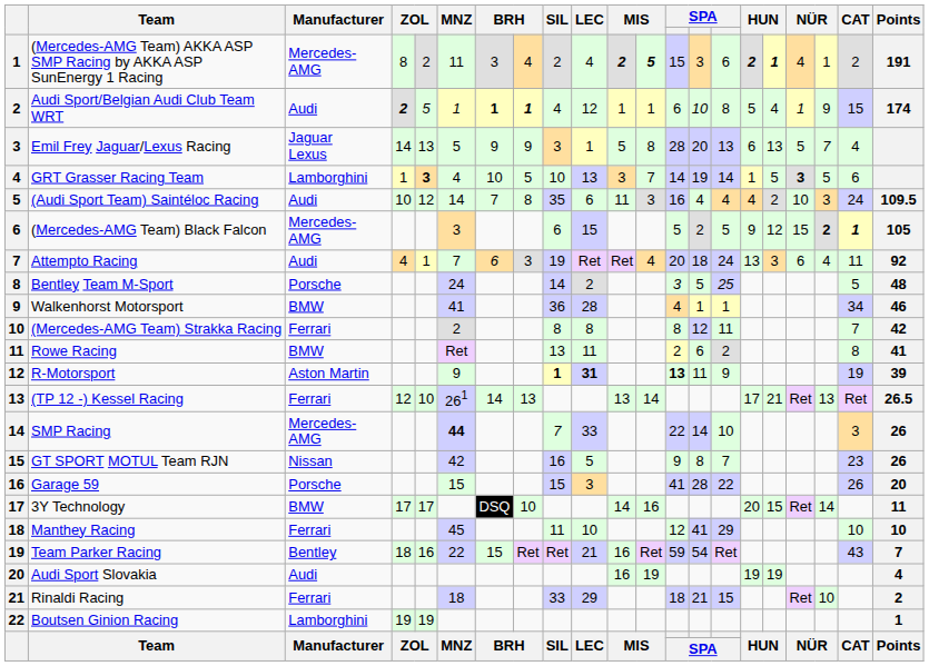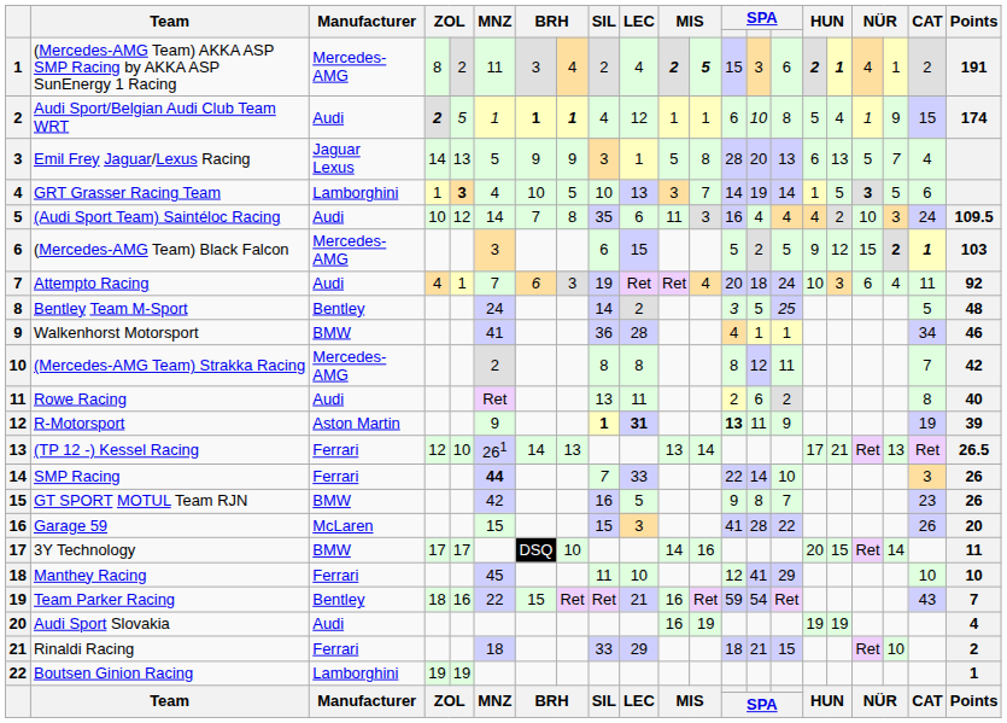 <table class="wikitable" style="font-size: 85%; text-align:center;">
 <tr>
 <th rowspan=2></th>
 <th rowspan=2>Team</th>
 <th rowspan=2>Manufacturer</th>
 <th rowspan=2 colspan=2>ZOL<br></th>
 <th rowspan=2>MNZ<br></th>
 <th rowspan=2 colspan=2>BRH<br></th>
 <th rowspan=2>SIL<br></th>
 <th rowspan=2>LEC<br></th>
 <th rowspan=2 colspan=2>MIS<br></th>
 <th colspan=3><a href='#'>SPA</a><br></th>
 <th rowspan=2 colspan=2>HUN<br></th>
 <th rowspan=2 colspan=2>NÜR<br></th>
 <th rowspan=2>CAT<br></th>
 <th rowspan=2>Points</th>
 </tr>
 <tr>
 <th></th>
 <th></th>
 <th></th>
 </tr>
 <tr>
 <th>1</th>
 <td align=left> (<a href='#'>Mercedes-AMG</a> Team) AKKA ASP<br> <a href='#'>SMP Racing</a> by AKKA ASP<br> SunEnergy 1 Racing</td>
 <td align=left><a href='#'>Mercedes-AMG</a></td>
 <td style="background:#DFFFDF;">8</td>
 <td style="background:#DFDFDF;">2</td>
 <td style="background:#DFFFDF;">11</td>
 <td style="background:#DFDFDF;">3</td>
 <td style="background:#FFDF9F;">4</td>
 <td style="background:#DFDFDF;">2</td>
 <td style="background:#DFFFDF;">4</td>
 <td style="background:#DFDFDF;"><strong><em>2</em></strong></td>
 <td style="background:#DFFFDF;"><strong><em>5</em></strong></td>
 <td style="background:#CFCFFF;">15</td>
 <td style="background:#FFDF9F;">3</td>
 <td style="background:#DFFFDF;">6</td>
 <td style="background:#DFDFDF;"><strong><em>2</em></strong></td>
 <td style="background:#FFFFBF;"><strong><em>1</em></strong></td>
 <td style="background:#FFDF9F;">4</td>
 <td style="background:#FFFFBF;">1</td>
 <td style="background:#DFDFDF;">2</td>
 <th>191</th>
 </tr>
 <tr>
 <th>2</th>
 <td align=left> <a href='#'>Audi Sport/Belgian Audi Club Team WRT</a></td>
 <td align=left><a href='#'>Audi</a></td>
 <td style="background:#DFDFDF;"><strong><em>2</em></strong></td>
 <td style="background:#DFFFDF;"><em>5</em></td>
 <td style="background:#FFFFBF;"><em>1</em></td>
 <td style="background:#FFFFBF;"><strong>1</strong></td>
 <td style="background:#FFFFBF;"><strong><em>1</em></strong></td>
 <td style="background:#DFFFDF;">4</td>
 <td style="background:#DFFFDF;">12</td>
 <td style="background:#FFFFBF;">1</td>
 <td style="background:#FFFFBF;">1</td>
 <td style="background:#DFFFDF;">6</td>
 <td style="background:#DFFFDF;"><em>10</em></td>
 <td style="background:#DFFFDF;">8</td>
 <td style="background:#DFFFDF;">5</td>
 <td style="background:#DFFFDF;">4</td>
 <td style="background:#FFFFBF;"><em>1</em></td>
 <td style="background:#DFFFDF;">9</td>
 <td style="background:#cfcfff;">15</td>
 <th>174</th>
 </tr>
 <tr>
 <th>3</th>
 <td align=left> <a href='#'>Emil Frey</a> <a href='#'>Jaguar</a>/<a href='#'>Lexus</a> Racing</td>
 <td align=left><a href='#'>Jaguar</a><br><a href='#'>Lexus</a></td>
 <td style="background:#DFFFDF;">14</td>
 <td style="background:#DFFFDF;">13</td>
 <td style="background:#DFFFDF;">5</td>
 <td style="background:#DFFFDF;">9</td>
 <td style="background:#DFFFDF;">9</td>
 <td style="background:#FFDF9F;">3</td>
 <td style="background:#FFFFBF;">1</td>
 <td style="background:#DFFFDF;">5</td>
 <td style="background:#DFFFDF;">8</td>
 <td style="background:#CFCFFF;">28</td>
 <td style="background:#CFCFFF;">20</td>
 <td style="background:#CFCFFF;">13</td>
 <td style="background:#DFFFDF;">6</td>
 <td style="background:#DFFFDF;">13</td>
 <td style="background:#DFFFDF;">5</td>
 <td style="background:#DFFFDF;"><em>7</em></td>
 <td style="background:#DFFFDF;">4</td>
 <th></th>
 </tr>
 <tr>
 <th>4</th>
 <td align=left> <a href='#'>GRT Grasser Racing Team</a></td>
 <td align=left><a href='#'>Lamborghini</a></td>
 <td style="background:#FFFFBF;">1</td>
 <td style="background:#FFDF9F;"><strong>3</strong></td>
 <td style="background:#DFFFDF;">4</td>
 <td style="background:#DFFFDF;">10</td>
 <td style="background:#DFFFDF;">5</td>
 <td style="background:#DFFFDF;">10</td>
 <td style="background:#CFCFFF;">13</td>
 <td style="background:#FFDF9F;">3</td>
 <td style="background:#DFFFDF;">7</td>
 <td style="background:#CFCFFF;">14</td>
 <td style="background:#CFCFFF;">19</td>
 <td style="background:#CFCFFF;">14</td>
 <td style="background:#FFFFBF;">1</td>
 <td style="background:#DFFFDF;">5</td>
 <td style="background:#DFDFDF;"><strong>3</strong></td>
 <td style="background:#DFFFDF;">5</td>
 <td style="background:#DFFFDF;">6</td>
 <th></th>
 </tr>
 <tr>
 <th>5</th>
 <td align=left> <a href='#'>(Audi Sport Team) Saintéloc Racing</a></td>
 <td align=left><a href='#'>Audi</a></td>
 <td style="background:#DFFFDF;">10</td>
 <td style="background:#DFFFDF;">12</td>
 <td style="background:#DFFFDF;">14</td>
 <td style="background:#DFFFDF;">7</td>
 <td style="background:#DFFFDF;">8</td>
 <td style="background:#CFCFFF;">35</td>
 <td style="background:#DFFFDF;">6</td>
 <td style="background:#DFFFDF;">11</td>
 <td style="background:#DFDFDF;">3</td>
 <td style="background:#CFCFFF;">16</td>
 <td style="background:#DFFFDF;">4</td>
 <td style="background:#FFDF9F;">4</td>
 <td style="background:#FFDF9F;">4</td>
 <td style="background:#DFDFDF;">2</td>
 <td style="background:#DFFFDF;">10</td>
 <td style="background:#FFDF9F;">3</td>
 <td style="background:#CFCFFF;">24</td>
 <th>109.5</th>
 </tr>
 <tr>
 <th>6</th>
 <td align=left> (<a href='#'>Mercedes-AMG</a> Team) Black Falcon</td>
 <td align=left><a href='#'>Mercedes-AMG</a></td>
 <td></td>
 <td></td>
 <td style="background:#FFDF9F;">3</td>
 <td></td>
 <td></td>
 <td style="background:#DFFFDF;">6</td>
 <td style="background:#CFCFFF;">15</td>
 <td></td>
 <td></td>
 <td style="background:#DFFFDF;">5</td>
 <td style="background:#DFDFDF;">2</td>
 <td style="background:#DFFFDF;">5</td>
 <td style="background:#DFFFDF;">9</td>
 <td style="background:#DFFFDF;">12</td>
 <td style="background:#DFFFDF;">15</td>
 <td style="background:#DFDFDF;"><strong>2</strong></td>
 <td style="background:#ffffbf;"><strong><em>1</em></strong></td>
-<th>105</th>
+<th>103</th>
 </tr>
 <tr>
 <th>7</th>
 <td align=left> <a href='#'>Attempto Racing</a></td>
 <td align=left><a href='#'>Audi</a></td>
 <td style="background:#FFDF9F;">4</td>
 <td style="background:#FFFFBF;">1</td>
 <td style="background:#DFFFDF;">7</td>
 <td style="background:#FFDF9F;"><em>6</em></td>
 <td style="background:#DFDFDF;">3</td>
 <td style="background:#CFCFFF;">19</td>
 <td style="background:#EFCFFF;">Ret</td>
 <td style="background:#EFCFFF;">Ret</td>
 <td style="background:#FFDF9F;">4</td>
 <td style="background:#CFCFFF;">20</td>
 <td style="background:#CFCFFF;">18</td>
 <td style="background:#CFCFFF;">24</td>
-<td style="background:#DFFFDF;">13</td>
+<td style="background:#DFFFDF;">10</td>
 <td style="background:#FFDF9F;">3</td>
 <td style="background:#DFFFDF;">6</td>
 <td style="background:#DFFFDF;">4</td>
 <td style="background:#DFFFDF;">11</td>
 <th>92</th>
 </tr>
 <tr>
 <th>8</th>
 <td align=left> <a href='#'>Bentley</a> <a href='#'>Team M-Sport</a></td>
-<td align=left><a href='#'>Porsche</a></td>
+<td align=left><a href='#'>Bentley</a></td>
 <td></td>
 <td></td>
 <td style="background:#CFCFFF;">24</td>
 <td></td>
 <td></td>
 <td style="background:#CFCFFF;">14</td>
 <td style="background:#DFDFDF;">2</td>
 <td></td>
 <td></td>
 <td style="background:#DFFFDF;"><em>3</em></td>
 <td style="background:#DFFFDF;">5</td>
 <td style="background:#CFCFFF;"><em>25</em></td>
 <td></td>
 <td></td>
 <td></td>
 <td></td>
 <td style="background:#dfffdf;">5</td>
 <th>48</th>
 </tr>
 <tr>
 <th>9</th>
 <td align=left> Walkenhorst Motorsport</td>
 <td align=left><a href='#'>BMW</a></td>
 <td></td>
 <td></td>
 <td style="background:#CFCFFF;">41</td>
 <td></td>
 <td></td>
 <td style="background:#CFCFFF;">36</td>
 <td style="background:#CFCFFF;">28</td>
 <td></td>
 <td></td>
 <td style="background:#FFDF9F;">4</td>
 <td style="background:#FFFFBF;">1</td>
 <td style="background:#FFFFBF;">1</td>
 <td></td>
 <td></td>
 <td></td>
 <td></td>
 <td style="background:#cfcfff;">34</td>
 <th>46</th>
 </tr>
 <tr>
 <th>10</th>
 <td align=left> <a href='#'>(Mercedes-AMG Team) Strakka Racing</a></td>
-<td align=left><a href='#'>Ferrari</a></td>
+<td align=left><a href='#'>Mercedes-AMG</a></td>
 <td></td>
 <td></td>
 <td style="background:#DFDFDF;">2</td>
 <td></td>
 <td></td>
 <td style="background:#DFFFDF;">8</td>
 <td style="background:#DFFFDF;">8</td>
 <td></td>
 <td></td>
 <td style="background:#DFFFDF;">8</td>
 <td style="background:#CFCFFF;">12</td>
 <td style="background:#DFFFDF;">11</td>
 <td></td>
 <td></td>
 <td></td>
 <td></td>
 <td style="background:#dfffdf;">7</td>
 <th>42</th>
 </tr>
 <tr>
 <th>11</th>
 <td align=left> <a href='#'>Rowe Racing</a></td>
-<td align=left><a href='#'>BMW</a></td>
+<td align=left><a href='#'>Audi</a></td>
 <td></td>
 <td></td>
 <td style="background:#EFCFFF;">Ret</td>
 <td></td>
 <td></td>
 <td style="background:#DFFFDF;">13</td>
 <td style="background:#DFFFDF;">11</td>
 <td></td>
 <td></td>
 <td style="background:#FFFFBF;">2</td>
 <td style="background:#DFFFDF;">6</td>
 <td style="background:#DFDFDF;">2</td>
 <td></td>
 <td></td>
 <td></td>
 <td></td>
 <td style="background:#dfffdf;">8</td>
-<th>41</th>
+<th>40</th>
 </tr>
 <tr>
 <th>12</th>
 <td align=left> <a href='#'>R-Motorsport</a></td>
 <td align=left><a href='#'>Aston Martin</a></td>
 <td></td>
 <td></td>
 <td style="background:#DFFFDF;">9</td>
 <td></td>
 <td></td>
 <td style="background:#FFFFBF;"><strong>1</strong></td>
 <td style="background:#CFCFFF;"><strong>31</strong></td>
 <td></td>
 <td></td>
 <td style="background:#DFFFDF;"><strong>13</strong></td>
 <td style="background:#DFFFDF;">11</td>
 <td style="background:#DFFFDF;">9</td>
 <td></td>
 <td></td>
 <td></td>
 <td></td>
 <td style="background:#cfcfff;">19</td>
 <th>39</th>
 </tr>
 <tr>
 <th>13</th>
 <td align=left> <a href='#'>(TP 12 -) Kessel Racing</a></td>
 <td align=left><a href='#'>Ferrari</a></td>
 <td style="background:#DFFFDF;">12</td>
 <td style="background:#DFFFDF;">10</td>
 <td style="background:#CFCFFF;">26<sup>1</sup></td>
 <td style="background:#DFFFDF;">14</td>
 <td style="background:#DFFFDF;">13</td>
 <td></td>
 <td></td>
 <td style="background:#DFFFDF;">13</td>
 <td style="background:#DFFFDF;">14</td>
 <td></td>
 <td></td>
 <td></td>
 <td style="background:#DFFFDF;">17</td>
 <td style="background:#DFFFDF;">21</td>
 <td style="background:#EFCFFF;">Ret</td>
 <td style="background:#DFFFDF;">13</td>
 <td style="background:#EFCFFF;">Ret</td>
 <th>26.5</th>
 </tr>
 <tr>
 <th>14</th>
 <td align=left> <a href='#'>SMP Racing</a></td>
-<td align=left><a href='#'>Mercedes-AMG</a></td>
+<td align=left><a href='#'>Ferrari</a></td>
 <td></td>
 <td></td>
 <td style="background:#CFCFFF;"><strong>44</strong></td>
 <td></td>
 <td></td>
 <td style="background:#DFFFDF;"><em>7</em></td>
 <td style="background:#CFCFFF;">33</td>
 <td></td>
 <td></td>
 <td style="background:#CFCFFF;">22</td>
 <td style="background:#CFCFFF;">14</td>
 <td style="background:#DFFFDF;">10</td>
 <td></td>
 <td></td>
 <td></td>
 <td></td>
 <td style="background:#ffdf9f;">3</td>
 <th>26</th>
 </tr>
 <tr>
 <th>15</th>
 <td align=left> <a href='#'>GT SPORT</a> <a href='#'>MOTUL</a> Team RJN</td>
-<td align=left><a href='#'>Nissan</a></td>
+<td align=left><a href='#'>BMW</a></td>
 <td></td>
 <td></td>
 <td style="background:#CFCFFF;">42</td>
 <td></td>
 <td></td>
 <td style="background:#CFCFFF;">16</td>
 <td style="background:#DFFFDF;">5</td>
 <td></td>
 <td></td>
 <td style="background:#DFFFDF;">9</td>
 <td style="background:#DFFFDF;">8</td>
 <td style="background:#DFFFDF;">7</td>
 <td></td>
 <td></td>
 <td></td>
 <td></td>
 <td style="background:#cfcfff;">23</td>
 <th>26</th>
 </tr>
 <tr>
 <th>16</th>
 <td align=left> <a href='#'>Garage 59</a></td>
-<td align=left><a href='#'>Porsche</a></td>
+<td align=left><a href='#'>McLaren</a></td>
 <td></td>
 <td></td>
 <td style="background:#DFFFDF;">15</td>
 <td></td>
 <td></td>
 <td style="background:#CFCFFF;">15</td>
 <td style="background:#FFDF9F;">3</td>
 <td></td>
 <td></td>
 <td style="background:#CFCFFF;">41</td>
 <td style="background:#CFCFFF;'">28</td>
 <td style="background:#CFCFFF;">22</td>
 <td></td>
 <td></td>
 <td></td>
 <td></td>
 <td style="background:#cfcfff;">26</td>
 <th>20</th>
 </tr>
 <tr>
 <th>17</th>
 <td align=left> 3Y Technology</td>
 <td align=left><a href='#'>BMW</a></td>
 <td style="background:#DFFFDF;">17</td>
 <td style="background:#DFFFDF;">17</td>
 <td></td>
 <td style="background:#000000; color:white;">DSQ</td>
 <td style="background:#DFFFDF;">10</td>
 <td></td>
 <td></td>
 <td style="background:#DFFFDF;">14</td>
 <td style="background:#DFFFDF;">16</td>
 <td></td>
 <td></td>
 <td></td>
 <td style="background:#DFFFDF;">20</td>
 <td style="background:#DFFFDF;">15</td>
 <td style="background:#EFCFFF;">Ret</td>
 <td style="background:#DFFFDF;">14</td>
 <td></td>
 <th>11</th>
 </tr>
 <tr>
 <th>18</th>
 <td align=left> <a href='#'>Manthey Racing</a></td>
 <td align=left><a href='#'>Ferrari</a></td>
 <td></td>
 <td></td>
 <td style="background:#CFCFFF;">45</td>
 <td></td>
 <td></td>
 <td style="background:#DFFFDF;">11</td>
 <td style="background:#DFFFDF;">10</td>
 <td></td>
 <td></td>
 <td style="background:#DFFFDF;">12</td>
 <td style="background:#CFCFFF;">41</td>
 <td style="background:#CFCFFF;">29</td>
 <td></td>
 <td></td>
 <td></td>
 <td></td>
 <td style="background:#DFFFDF;">10</td>
 <th>10</th>
 </tr>
 <tr>
 <th>19</th>
 <td align=left> <a href='#'>Team Parker Racing</a></td>
 <td align=left><a href='#'>Bentley</a></td>
 <td style="background:#DFFFDF;">18</td>
 <td style="background:#DFFFDF;">16</td>
 <td style="background:#CFCFFF;">22</td>
 <td style="background:#DFFFDF;">15</td>
 <td style="background:#EFCFFF;">Ret</td>
 <td style="background:#EFCFFF;">Ret</td>
 <td style="background:#CFCFFF;">21</td>
 <td style="background:#DFFFDF;">16</td>
 <td style="background:#EFCFFF;">Ret</td>
 <td style="background:#CFCFFF;">59</td>
 <td style="background:#CFCFFF;">54</td>
 <td style="background:#EFCFFF;">Ret</td>
 <td></td>
 <td></td>
 <td></td>
 <td></td>
 <td style="background:#cfcfff;">43</td>
 <th>7</th>
 </tr>
 <tr>
 <th>20</th>
 <td align=left> <a href='#'>Audi Sport</a> Slovakia</td>
 <td align=left><a href='#'>Audi</a></td>
 <td></td>
 <td></td>
 <td></td>
 <td></td>
 <td></td>
 <td></td>
 <td></td>
 <td style="background:#DFFFDF;">16</td>
 <td style="background:#DFFFDF;">19</td>
 <td></td>
 <td></td>
 <td></td>
 <td style="background:#DFFFDF;">19</td>
 <td style="background:#DFFFDF;">19</td>
 <td></td>
 <td></td>
 <td></td>
 <th>4</th>
 </tr>
 <tr>
 <th>21</th>
 <td align=left> Rinaldi Racing</td>
 <td align=left><a href='#'>Ferrari</a></td>
 <td></td>
 <td></td>
 <td style="background:#CFCFFF;">18</td>
 <td></td>
 <td></td>
 <td style="background:#CFCFFF;">33</td>
 <td style="background:#CFCFFF;">29</td>
 <td></td>
 <td></td>
 <td style="background:#CFCFFF;">18</td>
 <td style="background:#CFCFFF;">21</td>
 <td style="background:#CFCFFF;">15</td>
 <td></td>
 <td></td>
 <td style="background:#EFCFFF;">Ret</td>
 <td style="background:#DFFFDF;">10</td>
 <td></td>
 <th>2</th>
 </tr>
 <tr>
 <th>22</th>
 <td align=left> <a href='#'>Boutsen Ginion Racing</a></td>
 <td align=left><a href='#'>Lamborghini</a></td>
 <td style="background:#DFFFDF;">19</td>
 <td style="background:#DFFFDF;">19</td>
 <td></td>
 <td></td>
 <td></td>
 <td></td>
 <td></td>
 <td></td>
 <td></td>
 <td></td>
 <td></td>
 <td></td>
 <td></td>
 <td></td>
 <td></td>
 <td></td>
 <td></td>
 <th>1</th>
 </tr>
 <tr valign="top">
 <th valign=middle rowspan=2></th>
 <th valign=middle rowspan=2>Team</th>
 <th valign=middle rowspan=2>Manufacturer</th>
 <th valign=middle rowspan=2 colspan=2>ZOL<br></th>
 <th valign=middle rowspan=2>MNZ<br></th>
 <th valign=middle rowspan=2 colspan=2>BRH<br></th>
 <th valign=middle rowspan=2>SIL<br></th>
 <th valign=middle rowspan=2>LEC<br></th>
 <th valign=middle rowspan=2 colspan=2>MIS<br></th>
 <th></th>
 <th></th>
 <th></th>
 <th valign=middle rowspan=2 colspan=2>HUN<br></th>
 <th valign=middle rowspan=2 colspan=2>NÜR<br></th>
 <th valign=middle rowspan=2>CAT<br></th>
 <th valign=middle rowspan=2>Points</th>
 </tr>
 <tr>
 <th colspan=3><a href='#'>SPA</a><br></th>
 </tr>
 </table>
